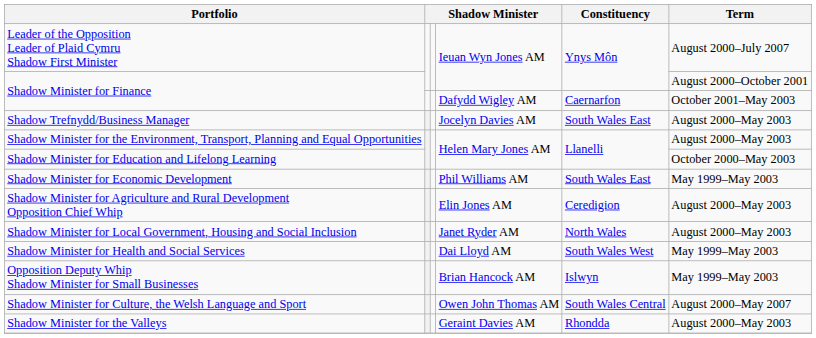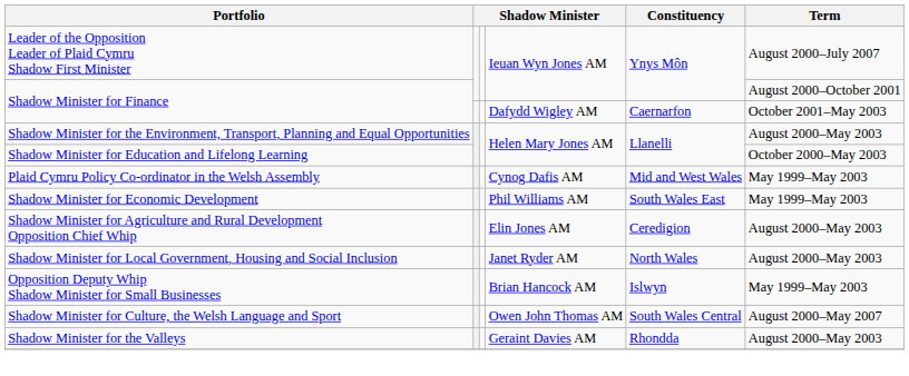 <table class="wikitable">
 <tr>
 <th colspan="1">Portfolio</th>
 <th colspan="3">Shadow Minister</th>
 <th colspan="1">Constituency</th>
 <th colspan="1">Term</th>
 </tr>
 <tr>
 <td><a href='#'>Leader of the Opposition</a><br><a href='#'>Leader of Plaid Cymru</a><br><a href='#'>Shadow First Minister</a></td>
 <td rowspan="2" style="background: "></td>
 <td rowspan="2"></td>
 <td rowspan="2"><a href='#'>Ieuan Wyn Jones</a> AM</td>
 <td rowspan="2"><a href='#'>Ynys Môn</a></td>
 <td>August 2000–July 2007</td>
 </tr>
 <tr>
 <td rowspan="2"><a href='#'>Shadow Minister for Finance</a></td>
 <td>August 2000–October 2001</td>
 </tr>
 <tr>
 <td style="background: "></td>
 <td></td>
 <td><a href='#'>Dafydd Wigley</a> AM</td>
 <td><a href='#'>Caernarfon</a></td>
 <td>October 2001–May 2003</td>
 </tr>
 <tr>
-<td><a href='#'>Shadow Trefnydd/Business Manager</a></td>
-<th style="background: "></th>
-<td></td>
-<td><a href='#'>Jocelyn Davies</a> AM</td>
-<td><a href='#'>South Wales East</a></td>
-<td>August 2000–May 2003</td>
-</tr>
-<tr>
 <td><a href='#'>Shadow Minister for the Environment, Transport, Planning and Equal Opportunities</a></td>
 <th rowspan="2" style="background-color: "></th>
 <td rowspan="2"></td>
 <td rowspan="2"><a href='#'>Helen Mary Jones</a> AM</td>
 <td rowspan="2"><a href='#'>Llanelli</a></td>
 <td>August 2000–May 2003</td>
 </tr>
 <tr>
 <td><a href='#'>Shadow Minister for Education and Lifelong Learning</a></td>
 <td>October 2000–May 2003</td>
+</tr>
+<tr>
+<td><a href='#'>Plaid Cymru Policy Co-ordinator in the Welsh Assembly</a></td>
+<th style="background-color: "></th>
+<td></td>
+<td><a href='#'>Cynog Dafis</a> AM</td>
+<td><a href='#'>Mid and West Wales</a></td>
+<td>May 1999–May 2003</td>
 </tr>
 <tr>
 <td><a href='#'>Shadow Minister for Economic Development</a></td>
 <th style="background-color: "></th>
 <td></td>
 <td><a href='#'>Phil Williams</a> AM</td>
 <td><a href='#'>South Wales East</a></td>
 <td>May 1999–May 2003</td>
 </tr>
 <tr>
 <td><a href='#'>Shadow Minister for Agriculture and Rural Development</a><br><a href='#'>Opposition Chief Whip</a></td>
 <th style="background-color: "></th>
 <td></td>
 <td><a href='#'>Elin Jones</a> AM</td>
 <td><a href='#'>Ceredigion</a></td>
 <td>August 2000–May 2003</td>
 </tr>
 <tr>
 <td><a href='#'>Shadow Minister for Local Government, Housing and Social Inclusion</a></td>
 <th style="background-color: "></th>
 <td></td>
 <td><a href='#'>Janet Ryder</a> AM</td>
 <td><a href='#'>North Wales</a></td>
 <td>August 2000–May 2003</td>
-</tr>
-<tr>
-<td><a href='#'>Shadow Minister for Health and Social Services</a></td>
-<th style="background-color: "></th>
-<td></td>
-<td><a href='#'>Dai Lloyd</a> AM</td>
-<td><a href='#'>South Wales West</a></td>
-<td>May 1999–May 2003</td>
 </tr>
 <tr>
 <td><a href='#'>Opposition Deputy Whip</a><br><a href='#'>Shadow Minister for Small Businesses</a></td>
 <th style="background-color: "></th>
 <td></td>
 <td><a href='#'>Brian Hancock</a> AM</td>
 <td><a href='#'>Islwyn</a></td>
 <td>May 1999–May 2003</td>
 </tr>
 <tr>
 <td><a href='#'>Shadow Minister for Culture, the Welsh Language and Sport</a></td>
 <th style="background-color: "></th>
 <td></td>
 <td><a href='#'>Owen John Thomas</a> AM</td>
 <td><a href='#'>South Wales Central</a></td>
 <td>August 2000–May 2007</td>
 </tr>
 <tr>
 <td><a href='#'>Shadow Minister for the Valleys</a></td>
 <th style="background-color: "></th>
 <td></td>
 <td><a href='#'>Geraint Davies</a> AM</td>
 <td><a href='#'>Rhondda</a></td>
 <td>August 2000–May 2003</td>
 </tr>
 <tr>
 </tr>
 </table>
